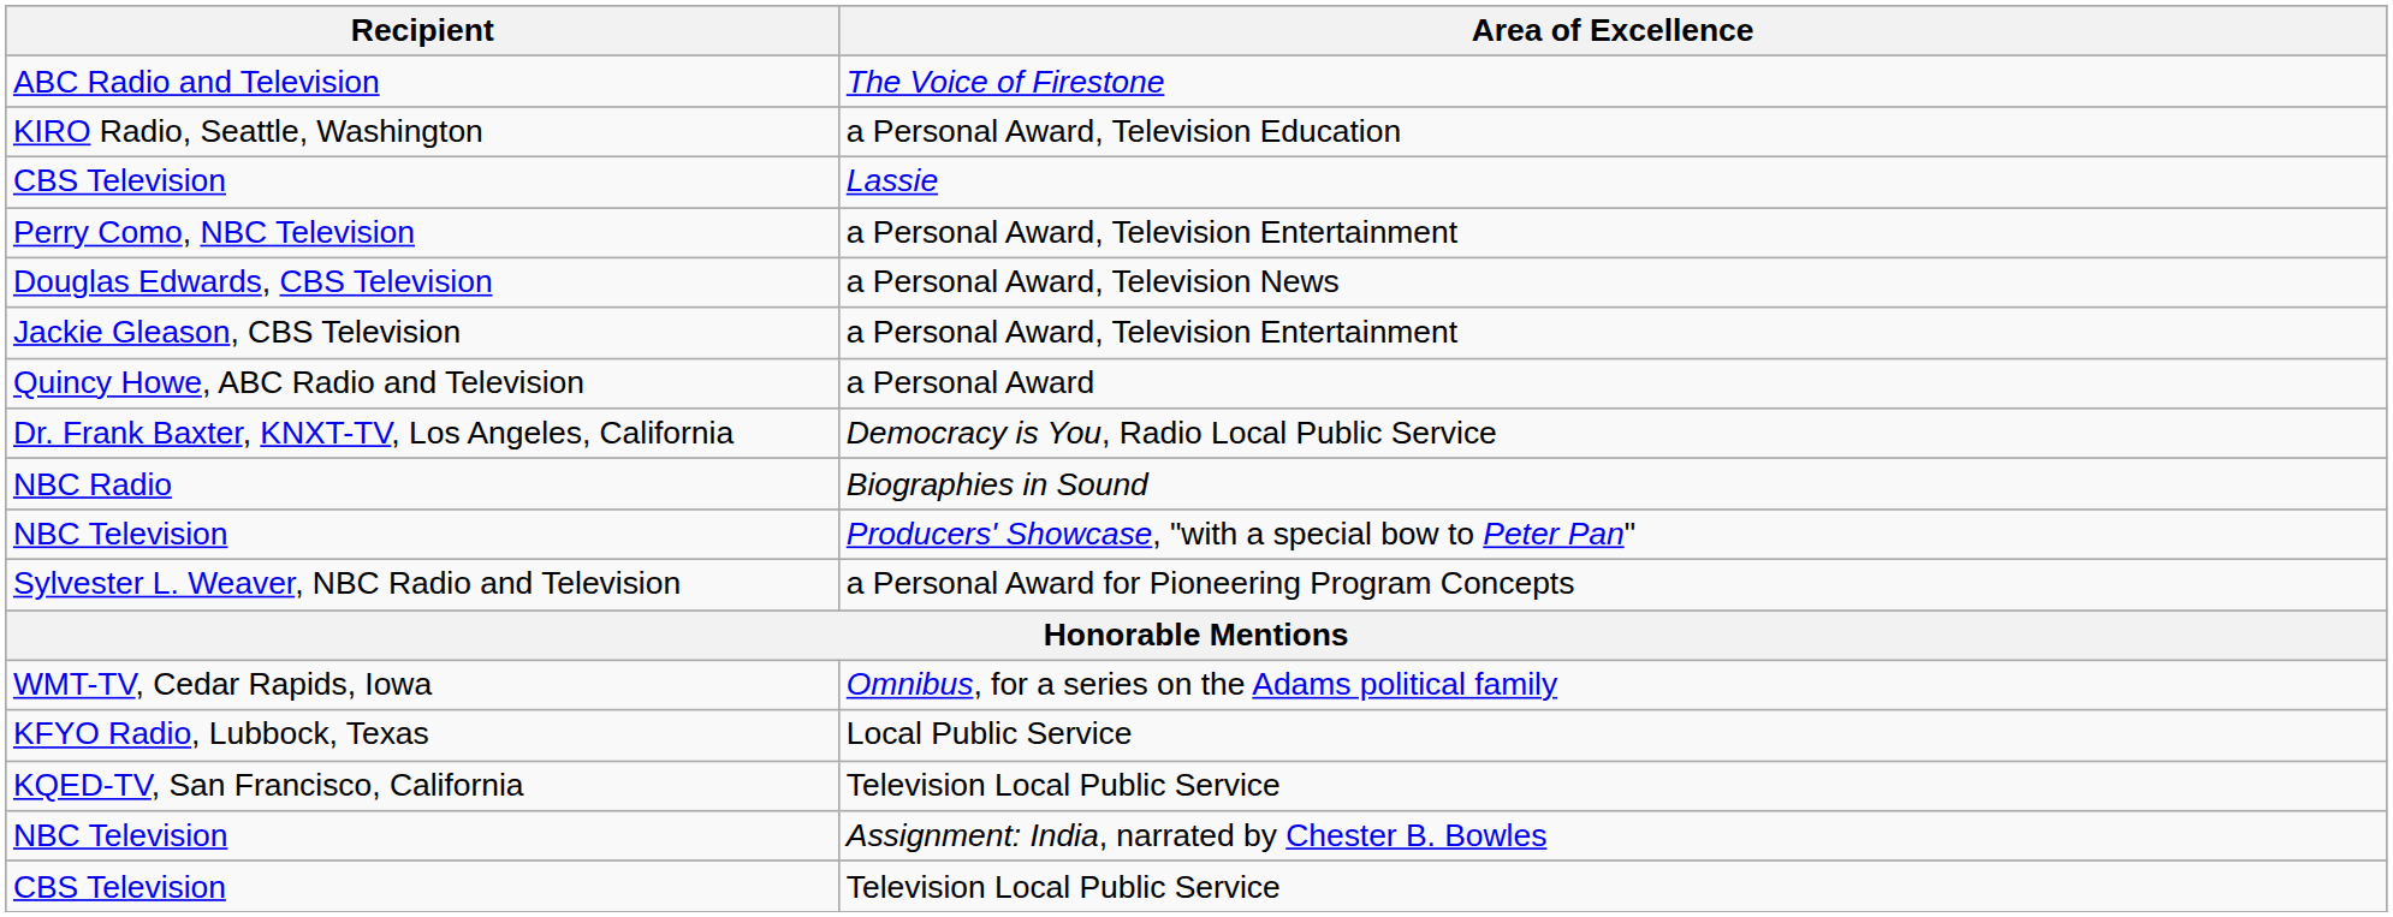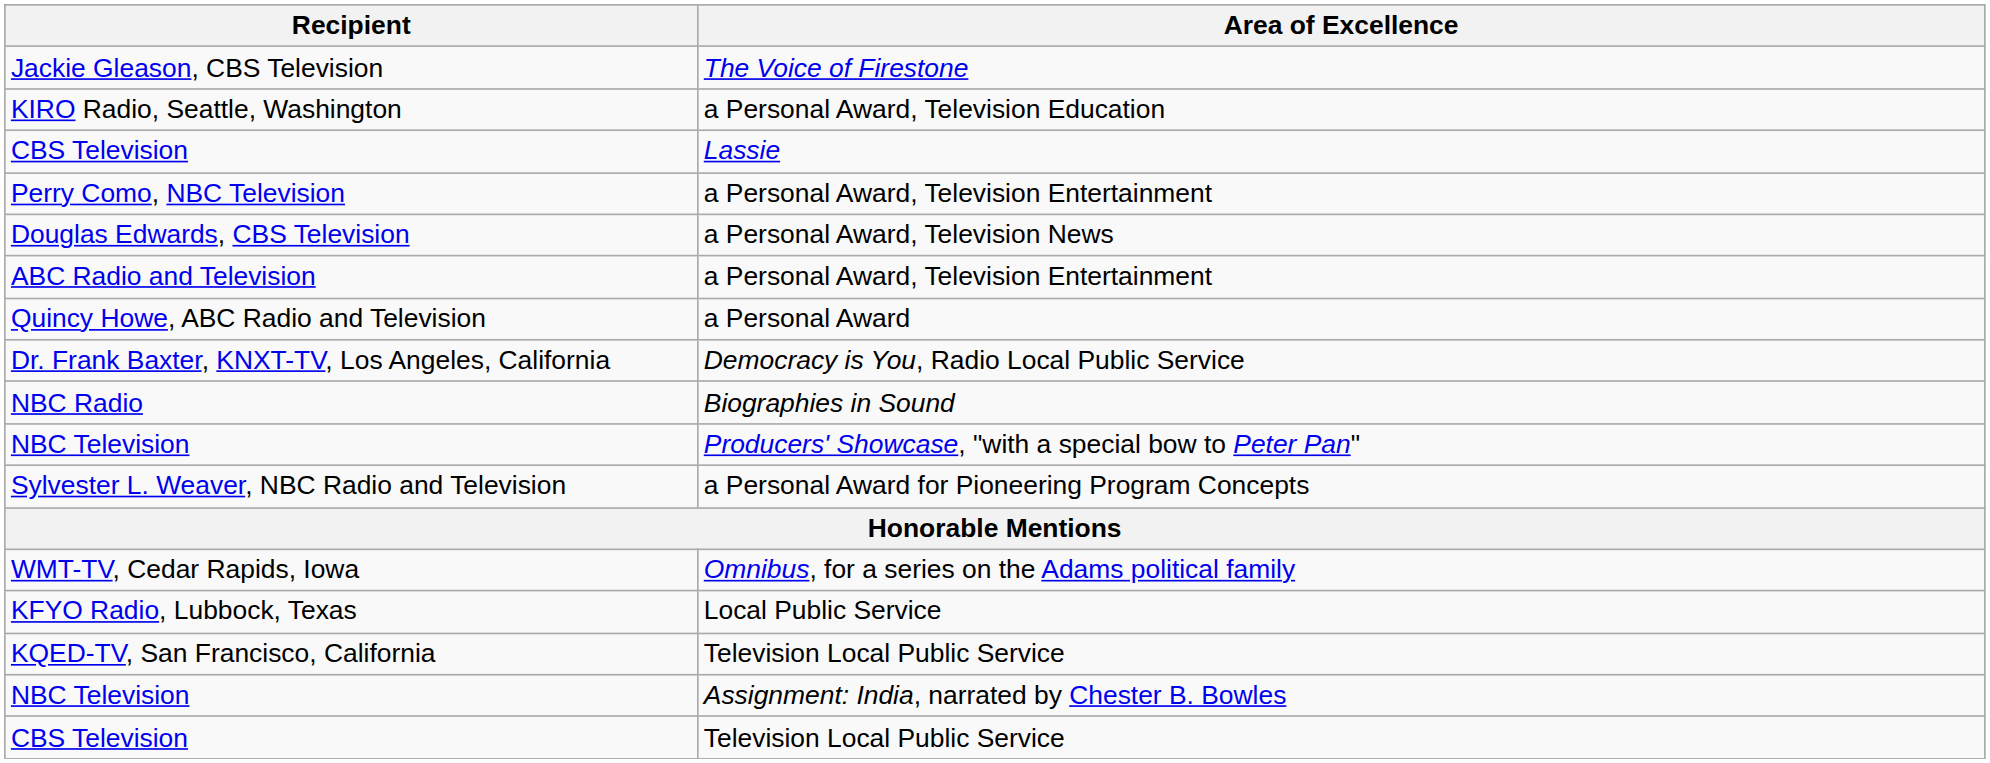 <table class="wikitable" style="width:95%">
 <tr bgcolor="#CCCCCC">
 <th width=35%>Recipient</th>
 <th width=65%>Area of Excellence</th>
 </tr>
 <tr>
-<td rowspan="1"><a href='#'>ABC Radio and Television</a></td>
+<td rowspan="1"><a href='#'>Jackie Gleason</a>, CBS Television</td>
 <td><em><a href='#'>The Voice of Firestone</a></em></td>
 </tr>
 <tr>
 <td rowspan="1"><a href='#'>KIRO</a> Radio, Seattle, Washington</td>
 <td>a Personal Award, Television Education</td>
 </tr>
 <tr>
 <td rowspan="1"><a href='#'>CBS Television</a></td>
 <td><em><a href='#'>Lassie</a></em></td>
 </tr>
 <tr>
 <td rowspan="1"><a href='#'>Perry Como</a>, <a href='#'>NBC Television</a></td>
 <td>a Personal Award, Television Entertainment</td>
 </tr>
 <tr>
 <td rowspan="1"><a href='#'>Douglas Edwards</a>, <a href='#'>CBS Television</a></td>
 <td>a Personal Award, Television News</td>
 </tr>
 <tr>
-<td rowspan="1"><a href='#'>Jackie Gleason</a>, CBS Television</td>
+<td rowspan="1"><a href='#'>ABC Radio and Television</a></td>
 <td>a Personal Award, Television Entertainment</td>
 </tr>
 <tr>
 <td rowspan="1"><a href='#'>Quincy Howe</a>, ABC Radio and Television</td>
 <td>a Personal Award</td>
 </tr>
 <tr>
 <td rowspan="1"><a href='#'>Dr. Frank Baxter</a>, <a href='#'>KNXT-TV</a>, Los Angeles, California</td>
 <td><em>Democracy is You</em>, Radio Local Public Service</td>
 </tr>
 <tr>
 <td rowspan="1"><a href='#'>NBC Radio</a></td>
 <td><em>Biographies in Sound</em></td>
 </tr>
 <tr>
 <td rowspan="1"><a href='#'>NBC Television</a></td>
 <td><em><a href='#'>Producers' Showcase</a></em>, "with a special bow to <em><a href='#'>Peter Pan</a></em>"</td>
 </tr>
 <tr>
 <td rowspan="1"><a href='#'>Sylvester L. Weaver</a>, NBC Radio and Television</td>
 <td>a Personal Award for Pioneering Program Concepts</td>
 </tr>
 <tr>
 <th colspan="2">Honorable Mentions</th>
 </tr>
 <tr>
 <td rowspan="1"><a href='#'>WMT-TV</a>, Cedar Rapids, Iowa</td>
 <td><em><a href='#'>Omnibus</a></em>, for a series on the <a href='#'>Adams political family</a></td>
 </tr>
 <tr>
 <td rowspan="1"><a href='#'>KFYO Radio</a>, Lubbock, Texas</td>
 <td>Local Public Service</td>
 </tr>
 <tr>
 <td rowspan="1"><a href='#'>KQED-TV</a>, San Francisco, California</td>
 <td>Television Local Public Service</td>
 </tr>
 <tr>
 <td rowspan="1"><a href='#'>NBC Television</a></td>
 <td><em>Assignment: India</em>, narrated by <a href='#'>Chester B. Bowles</a></td>
 </tr>
 <tr>
 <td rowspan="1"><a href='#'>CBS Television</a></td>
 <td>Television Local Public Service</td>
 </tr>
 </table>
